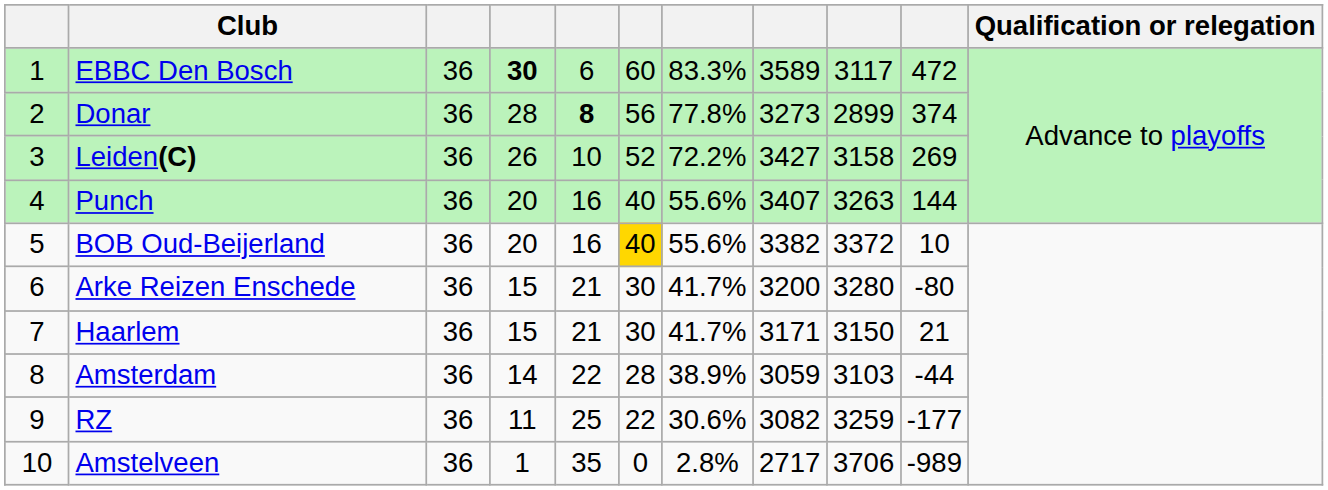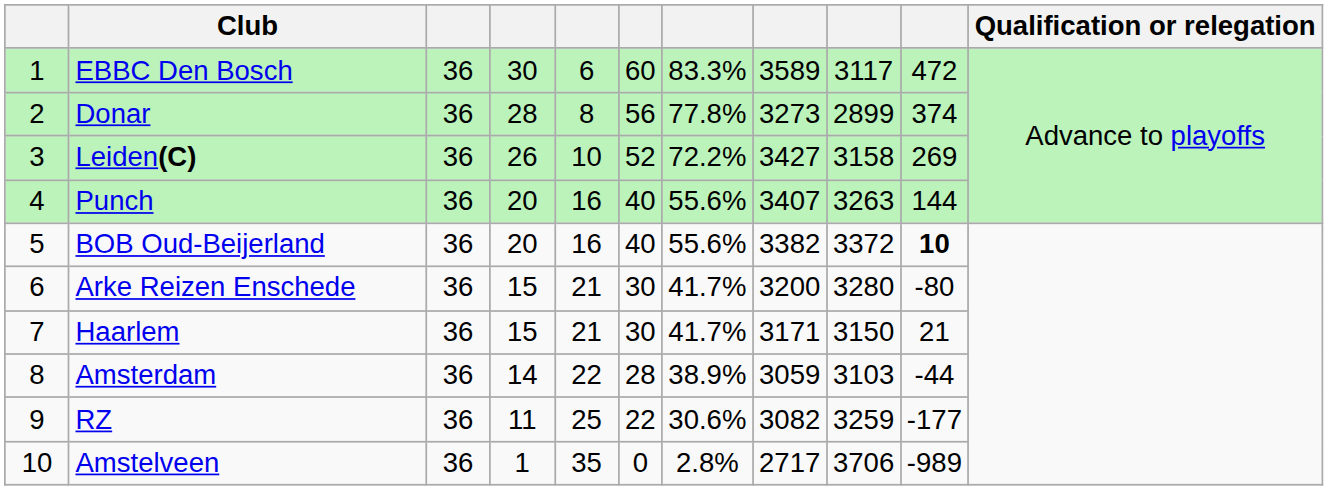 <table class="wikitable" style="text-align:center;">
 <tr>
 <th width=30></th>
 <th width=200>Club</th>
 <th width=30></th>
 <th width=30></th>
 <th width=30></th>
 <th></th>
 <th></th>
 <th width=30></th>
 <th width=30></th>
 <th width=30></th>
 <th>Qualification or relegation</th>
 </tr>
 <tr bgcolor=#BBF3BB>
 <td>1</td>
 <td align=left><a href='#'>EBBC Den Bosch</a></td>
 <td>36</td>
-<td><strong>30</strong></td>
+<td>30</td>
 <td>6</td>
 <td>60</td>
 <td>83.3%</td>
 <td>3589</td>
 <td>3117</td>
 <td>472</td>
 <td rowspan=4>Advance to <a href='#'>playoffs</a></td>
 </tr>
 <tr bgcolor=#BBF3BB>
 <td>2</td>
 <td align=left><a href='#'>Donar</a></td>
 <td>36</td>
 <td>28</td>
-<td><strong>8</strong></td>
+<td>8</td>
 <td>56</td>
 <td>77.8%</td>
 <td>3273</td>
 <td>2899</td>
 <td>374</td>
 </tr>
 <tr bgcolor=#BBF3BB>
 <td>3</td>
 <td align=left><a href='#'>Leiden</a><strong>(C)</strong></td>
 <td>36</td>
 <td>26</td>
 <td>10</td>
 <td>52</td>
 <td>72.2%</td>
 <td>3427</td>
 <td>3158</td>
 <td>269</td>
 </tr>
 <tr bgcolor=#BBF3BB>
 <td>4</td>
 <td align=left><a href='#'>Punch</a></td>
 <td>36</td>
 <td>20</td>
 <td>16</td>
 <td>40</td>
 <td>55.6%</td>
 <td>3407</td>
 <td>3263</td>
 <td>144</td>
 </tr>
 <tr>
 <td>5</td>
 <td align=left><a href='#'>BOB Oud-Beijerland</a></td>
 <td>36</td>
 <td>20</td>
 <td>16</td>
-<td style="background: gold;">40</td>
+<td>40</td>
 <td>55.6%</td>
 <td>3382</td>
 <td>3372</td>
-<td>10</td>
+<td><strong>10</strong></td>
 <td rowspan=6></td>
 </tr>
 <tr>
 <td>6</td>
 <td align=left><a href='#'>Arke Reizen Enschede</a></td>
 <td>36</td>
 <td>15</td>
 <td>21</td>
 <td>30</td>
 <td>41.7%</td>
 <td>3200</td>
 <td>3280</td>
 <td>-80</td>
 </tr>
 <tr>
 <td>7</td>
 <td align=left><a href='#'>Haarlem</a></td>
 <td>36</td>
 <td>15</td>
 <td>21</td>
 <td>30</td>
 <td>41.7%</td>
 <td>3171</td>
 <td>3150</td>
 <td>21</td>
 </tr>
 <tr>
 <td>8</td>
 <td align=left><a href='#'>Amsterdam</a></td>
 <td>36</td>
 <td>14</td>
 <td>22</td>
 <td>28</td>
 <td>38.9%</td>
 <td>3059</td>
 <td>3103</td>
 <td>-44</td>
 </tr>
 <tr>
 <td>9</td>
 <td align=left><a href='#'>RZ</a></td>
 <td>36</td>
 <td>11</td>
 <td>25</td>
 <td>22</td>
 <td>30.6%</td>
 <td>3082</td>
 <td>3259</td>
 <td>-177</td>
 </tr>
 <tr>
 <td>10</td>
 <td align=left><a href='#'>Amstelveen</a></td>
 <td>36</td>
 <td>1</td>
 <td>35</td>
 <td>0</td>
 <td>2.8%</td>
 <td>2717</td>
 <td>3706</td>
 <td>-989</td>
 </tr>
 </table>
